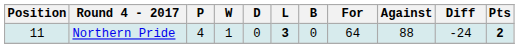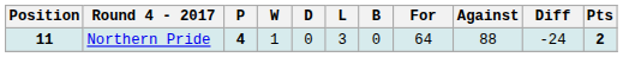 <table class="wikitable" style="text-align:center; font-size:85%;">
 <tr>
 <th width=40 abbr="Position">Position</th>
 <th width=100>Round 4 - 2017</th>
 <th width=20 abbr="Played">P</th>
 <th width=20 abbr="Won">W</th>
 <th width=20 abbr="Drawn">D</th>
 <th width=20 abbr="Lost">L</th>
 <th width=20 abbr="Bye">B</th>
 <th width=40 abbr="Points for">For</th>
 <th width=40 abbr="Points against">Against</th>
 <th width=40 abbr="Points difference">Diff</th>
 <th width=20 abbr="Points">Pts</th>
 </tr>
 <tr style="background: #d7ebed;">
-<td>11</td>
+<td><strong>11</strong></td>
 <td style="text-align:left;"> <a href='#'>Northern Pride</a></td>
-<td>4</td>
+<td><strong>4</strong></td>
 <td>1</td>
 <td>0</td>
-<td><strong>3</strong></td>
+<td>3</td>
 <td>0</td>
 <td>64</td>
 <td>88</td>
 <td>-24</td>
 <td><strong>2</strong></td>
 </tr>
 <tr>
 </tr>
 </table>
